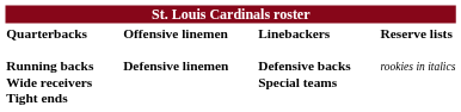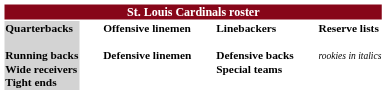 <table class="toccolours" style="text-align: left;">
 <tr>
 <th colspan="9" style="background-color: #870619; color: white; text-align: center;"><strong>St. Louis Cardinals roster</strong></th>
 </tr>
 <tr>
-<td style="font-size: 95%;" valign="top"><strong>Quarterbacks</strong><br> <br><strong>Running backs</strong>       <br><strong>Wide receivers</strong>    <br><strong>Tight ends</strong>  </td>
+<td style="background: lightgrey; font-size: 95%;" valign="top"><strong>Quarterbacks</strong><br> <br><strong>Running backs</strong>       <br><strong>Wide receivers</strong>    <br><strong>Tight ends</strong>  </td>
 <td style="width: 25px;"></td>
 <td style="font-size: 95%;" valign="top"><strong>Offensive linemen</strong><br>       <br><strong>Defensive linemen</strong>      </td>
 <td style="width: 25px;"></td>
 <td style="font-size: 95%;" valign="top"><strong>Linebackers</strong><br>     <br><strong>Defensive backs</strong>       <br><strong>Special teams</strong>  </td>
 <td style="width: 25px;"></td>
 <td style="font-size: 95%;" valign="top"><strong>Reserve lists</strong><br>      <br><small><em>rookies in italics</em></small><br></td>
 </tr>
 <tr>
 </tr>
 </table>
